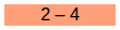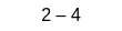 <table style="text-align:center">
 <tr>
 <th width=200></th>
 <th width=100></th>
 <th width=200></th>
 </tr>
 <tr>
 <td align=right></td>
-<td style="background: lightsalmon;">2 – 4</td>
+<td>2 – 4</td>
 <td align=left><strong></strong></td>
 </tr>
 </table>
